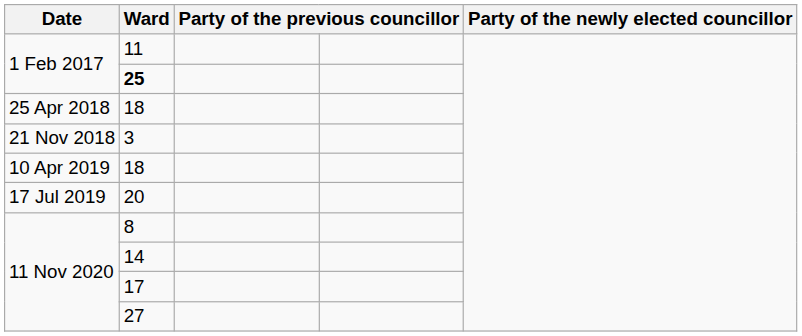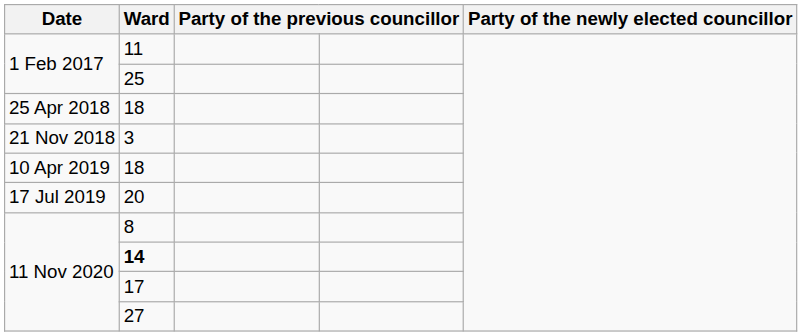 <table class="wikitable">
 <tr>
 <th>Date</th>
 <th>Ward</th>
 <th colspan=2>Party of the previous councillor</th>
 <th colspan=2>Party of the newly elected councillor</th>
 </tr>
 <tr>
 <td rowspan=2>1 Feb 2017</td>
 <td>11</td>
 <td></td>
 <td></td>
 </tr>
 <tr>
-<td><strong>25</strong></td>
+<td>25</td>
 <td></td>
 <td></td>
 </tr>
 <tr>
 <td>25 Apr 2018</td>
 <td>18</td>
 <td></td>
 <td></td>
 </tr>
 <tr>
 <td>21 Nov 2018</td>
 <td>3</td>
 <td></td>
 <td></td>
 </tr>
 <tr>
 <td>10 Apr 2019</td>
 <td>18</td>
 <td></td>
 <td></td>
 </tr>
 <tr>
 <td>17 Jul 2019</td>
 <td>20</td>
 <td></td>
 <td></td>
 </tr>
 <tr>
 <td rowspan=4>11 Nov 2020</td>
 <td>8</td>
 <td></td>
 <td></td>
 </tr>
 <tr>
-<td>14</td>
+<td><strong>14</strong></td>
 <td></td>
 <td></td>
 </tr>
 <tr>
 <td>17</td>
 <td></td>
 <td></td>
 </tr>
 <tr>
 <td>27</td>
 <td></td>
 <td></td>
 </tr>
 </table>
